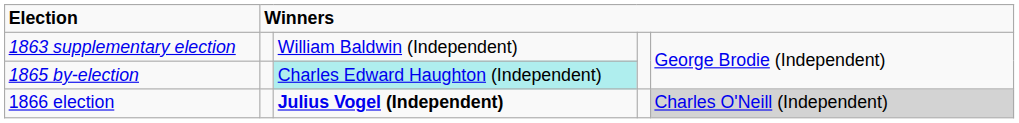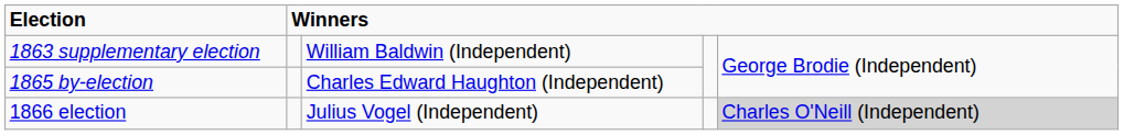 <table class="wikitable" width=72%>
 <tr>
 <td width=19%><strong>Election</strong></td>
 <td width=81% colspan=4><strong>Winners</strong></td>
 </tr>
 <tr>
 <td><span><em><a href='#'>1863 supplementary election</a></em></span></td>
 <td width=1% rowspan=1 bgcolor=></td>
 <td width=27% rowspan=1><a href='#'>William Baldwin</a> (Independent)</td>
 <td width=1% rowspan=2 bgcolor=></td>
 <td width=27% rowspan=2><a href='#'>George Brodie</a> (Independent)</td>
 </tr>
 <tr>
 <td><span><em><a href='#'>1865 by-election</a></em></span></td>
 <td rowspan=1 bgcolor=></td>
-<td rowspan=1 style="background: paleturquoise;"><a href='#'>Charles Edward Haughton</a> (Independent)</td>
+<td rowspan=1><a href='#'>Charles Edward Haughton</a> (Independent)</td>
 </tr>
 <tr>
 <td><a href='#'>1866 election</a></td>
 <td rowspan=1 bgcolor=></td>
-<td rowspan=1><strong><a href='#'>Julius Vogel</a> (Independent)</strong></td>
+<td rowspan=1><a href='#'>Julius Vogel</a> (Independent)</td>
 <td rowspan=1 bgcolor=></td>
 <td rowspan=1 style="background: lightgrey;"><a href='#'>Charles O'Neill</a> (Independent)</td>
 </tr>
 </table>
